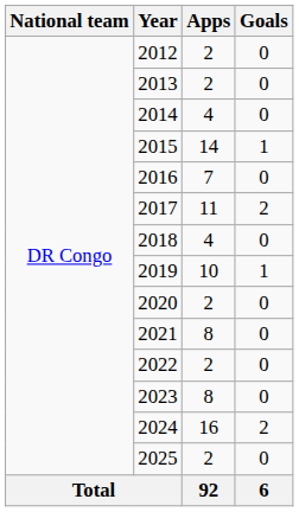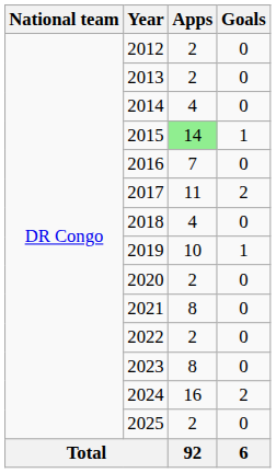 <table class="wikitable" style="text-align:center">
 <tr>
 <th>National team</th>
 <th>Year</th>
 <th>Apps</th>
 <th>Goals</th>
 </tr>
 <tr>
 <td rowspan="14"><a href='#'>DR Congo</a></td>
 <td>2012</td>
 <td>2</td>
 <td>0</td>
 </tr>
 <tr>
 <td>2013</td>
 <td>2</td>
 <td>0</td>
 </tr>
 <tr>
 <td>2014</td>
 <td>4</td>
 <td>0</td>
 </tr>
 <tr>
 <td>2015</td>
-<td>14</td>
+<td style="background: lightgreen;">14</td>
 <td>1</td>
 </tr>
 <tr>
 <td>2016</td>
 <td>7</td>
 <td>0</td>
 </tr>
 <tr>
 <td>2017</td>
 <td>11</td>
 <td>2</td>
 </tr>
 <tr>
 <td>2018</td>
 <td>4</td>
 <td>0</td>
 </tr>
 <tr>
 <td>2019</td>
 <td>10</td>
 <td>1</td>
 </tr>
 <tr>
 <td>2020</td>
 <td>2</td>
 <td>0</td>
 </tr>
 <tr>
 <td>2021</td>
 <td>8</td>
 <td>0</td>
 </tr>
 <tr>
 <td>2022</td>
 <td>2</td>
 <td>0</td>
 </tr>
 <tr>
 <td>2023</td>
 <td>8</td>
 <td>0</td>
 </tr>
 <tr>
 <td>2024</td>
 <td>16</td>
 <td>2</td>
 </tr>
 <tr>
 <td>2025</td>
 <td>2</td>
 <td>0</td>
 </tr>
 <tr>
 <th colspan="2">Total</th>
 <th>92</th>
 <th>6</th>
 </tr>
 </table>
